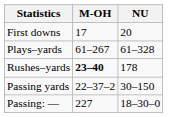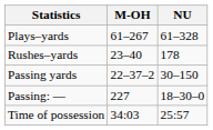 <table class="wikitable" style="float:left">
 <tr>
 <th>Statistics</th>
 <th>M-OH</th>
 <th>NU</th>
-</tr>
-<tr>
-<td>First downs</td>
-<td>17</td>
-<td>20</td>
 </tr>
 <tr>
 <td>Plays–yards</td>
 <td>61–267</td>
 <td>61–328</td>
 </tr>
 <tr>
 <td>Rushes–yards</td>
-<td><strong>23–40</strong></td>
+<td>23–40</td>
 <td>178</td>
 </tr>
 <tr>
 <td>Passing yards</td>
 <td>22–37–2</td>
 <td>30–150</td>
 </tr>
 <tr>
 <td>Passing: ––</td>
 <td>227</td>
 <td>18–30–0</td>
 </tr>
+<tr>
+<td>Time of possession</td>
+<td>34:03</td>
+<td>25:57</td>
+</tr>
 </table>
